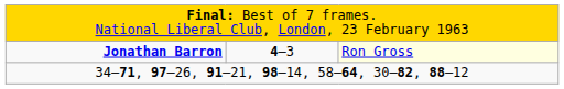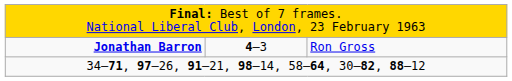 <table class="wikitable" style="font-size: 95%; margin: 1em auto 1em auto;">
 <tr>
 <td colspan="3" align="center" bgcolor="#ffd700"><strong>Final:</strong> Best of 7 frames.<br><a href='#'>National Liberal Club</a>, <a href='#'>London</a>, 23 February 1963</td>
 </tr>
 <tr>
 <td width="200" align="right"><strong><a href='#'>Jonathan Barron</a></strong> <br></td>
 <td width="100" align="center"><strong>4</strong>–3</td>
-<td width="200" style="background: lightyellow;"><a href='#'>Ron Gross</a> <br></td>
+<td width="200"><a href='#'>Ron Gross</a> <br></td>
 </tr>
 <tr>
 <td colspan="3" align="center" style="font-size: 100%">34–<strong>71</strong>, <strong>97</strong>–26, <strong>91</strong>–21, <strong>98</strong>–14, 58–<strong>64</strong>, 30–<strong>82</strong>, <strong>88</strong>–12</td>
 </tr>
 </table>
